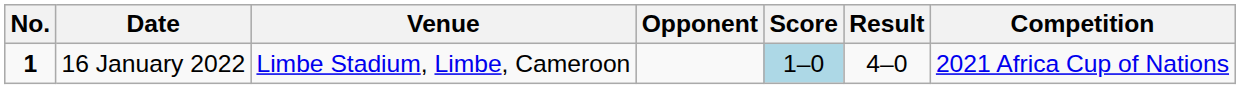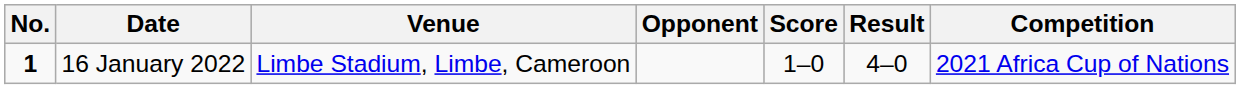 <table class="wikitable sortable">
 <tr>
 <th scope="col">No.</th>
 <th scope="col">Date</th>
 <th scope="col">Venue</th>
 <th scope="col">Opponent</th>
 <th scope="col">Score</th>
 <th scope="col">Result</th>
 <th scope="col">Competition</th>
 </tr>
 <tr>
 <td align="center"><strong>1</strong></td>
 <td rowspan="2">16 January 2022</td>
 <td rowspan="2"><a href='#'>Limbe Stadium</a>, <a href='#'>Limbe</a>, Cameroon</td>
 <td rowspan="2"></td>
-<td align="center" style="background: lightblue;">1–0</td>
+<td align="center">1–0</td>
 <td rowspan="2" align="center">4–0</td>
 <td rowspan="2"><a href='#'>2021 Africa Cup of Nations</a></td>
 </tr>
 </table>
